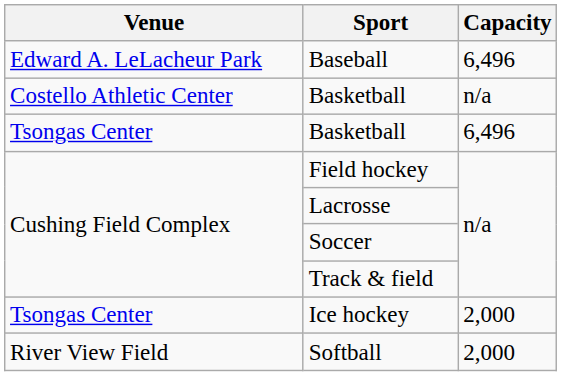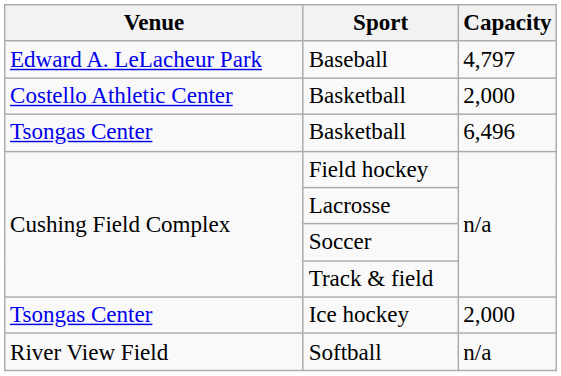 <table class="wikitable"; style= "text-align: ">
 <tr>
 <th width=200px>Venue</th>
 <th width=100px>Sport</th>
 <th width=px>Capacity</th>
 </tr>
 <tr>
 <td><a href='#'>Edward A. LeLacheur Park</a></td>
 <td>Baseball</td>
-<td>6,496</td>
+<td>4,797</td>
 </tr>
 <tr>
 <td><a href='#'>Costello Athletic Center</a></td>
 <td>Basketball</td>
-<td>n/a</td>
+<td>2,000</td>
 </tr>
 <tr>
 <td><a href='#'>Tsongas Center</a></td>
 <td>Basketball</td>
 <td>6,496</td>
 </tr>
 <tr>
 <td rowspan=4>Cushing Field Complex</td>
 <td>Field hockey</td>
 <td rowspan=4>n/a</td>
 </tr>
 <tr>
 <td>Lacrosse</td>
 </tr>
 <tr>
 <td>Soccer</td>
 </tr>
 <tr>
 <td>Track & field</td>
 </tr>
 <tr>
 <td><a href='#'>Tsongas Center</a></td>
 <td>Ice hockey</td>
 <td>2,000</td>
 </tr>
 <tr>
 <td>River View Field</td>
 <td>Softball</td>
-<td>2,000</td>
+<td>n/a</td>
 </tr>
 </table>
